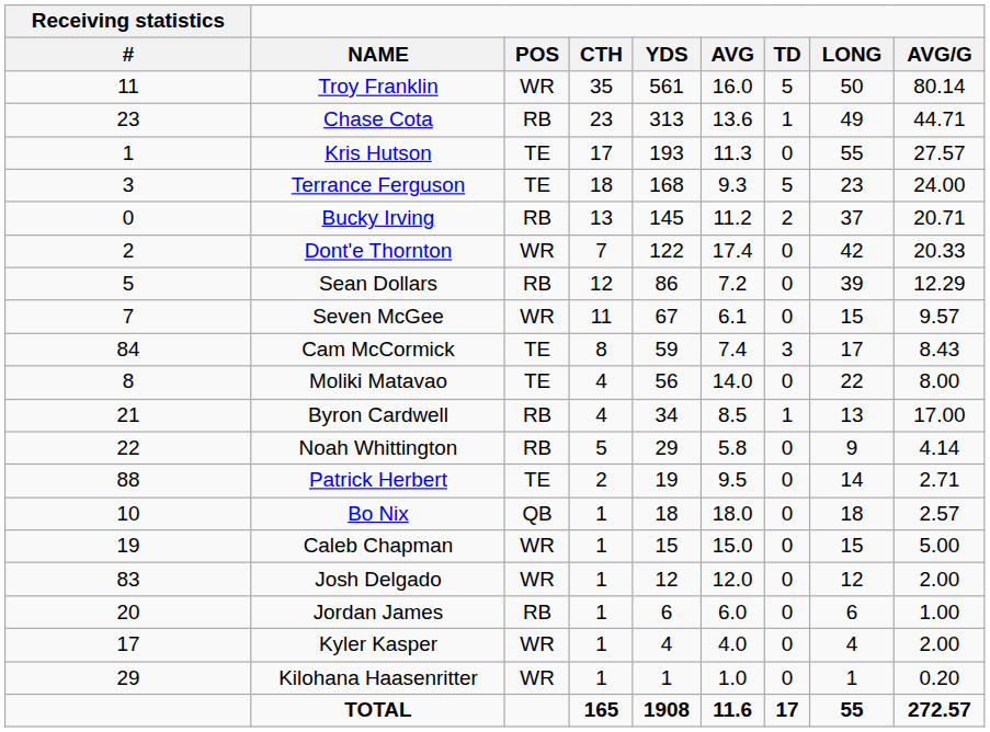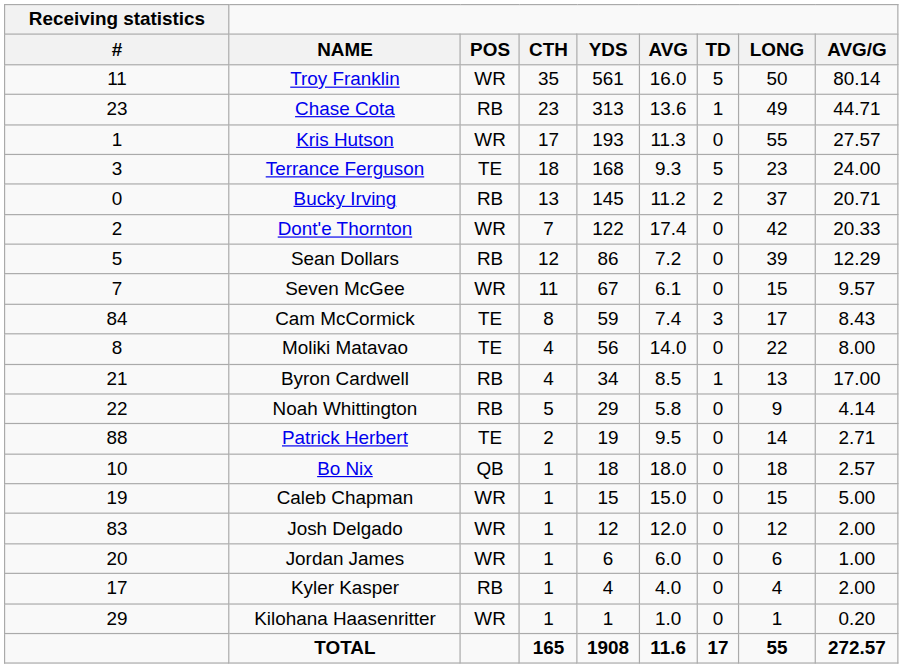 <table style="width:60%; text-align:center;" class="wikitable collapsible collapsed">
 <tr>
 <th style="text-align:center; ">Receiving statistics</th>
 </tr>
 <tr>
 <th>#</th>
 <th>NAME</th>
 <th>POS</th>
 <th>CTH</th>
 <th>YDS</th>
 <th>AVG</th>
 <th>TD</th>
 <th>LONG</th>
 <th>AVG/G</th>
 </tr>
 <tr>
 <td>11</td>
 <td><a href='#'>Troy Franklin</a></td>
 <td>WR</td>
 <td>35</td>
 <td>561</td>
 <td>16.0</td>
 <td>5</td>
 <td>50</td>
 <td>80.14</td>
 </tr>
 <tr>
 <td>23</td>
 <td><a href='#'>Chase Cota</a></td>
 <td>RB</td>
 <td>23</td>
 <td>313</td>
 <td>13.6</td>
 <td>1</td>
 <td>49</td>
 <td>44.71</td>
 </tr>
 <tr>
 <td>1</td>
 <td><a href='#'>Kris Hutson</a></td>
-<td>TE</td>
+<td>WR</td>
 <td>17</td>
 <td>193</td>
 <td>11.3</td>
 <td>0</td>
 <td>55</td>
 <td>27.57</td>
 </tr>
 <tr>
 <td>3</td>
 <td><a href='#'>Terrance Ferguson</a></td>
 <td>TE</td>
 <td>18</td>
 <td>168</td>
 <td>9.3</td>
 <td>5</td>
 <td>23</td>
 <td>24.00</td>
 </tr>
 <tr>
 <td>0</td>
 <td><a href='#'>Bucky Irving</a></td>
 <td>RB</td>
 <td>13</td>
 <td>145</td>
 <td>11.2</td>
 <td>2</td>
 <td>37</td>
 <td>20.71</td>
 </tr>
 <tr>
 <td>2</td>
 <td><a href='#'>Dont'e Thornton</a></td>
 <td>WR</td>
 <td>7</td>
 <td>122</td>
 <td>17.4</td>
 <td>0</td>
 <td>42</td>
 <td>20.33</td>
 </tr>
 <tr>
 <td>5</td>
 <td>Sean Dollars</td>
 <td>RB</td>
 <td>12</td>
 <td>86</td>
 <td>7.2</td>
 <td>0</td>
 <td>39</td>
 <td>12.29</td>
 </tr>
 <tr>
 <td>7</td>
 <td>Seven McGee</td>
 <td>WR</td>
 <td>11</td>
 <td>67</td>
 <td>6.1</td>
 <td>0</td>
 <td>15</td>
 <td>9.57</td>
 </tr>
 <tr>
 <td>84</td>
 <td>Cam McCormick</td>
 <td>TE</td>
 <td>8</td>
 <td>59</td>
 <td>7.4</td>
 <td>3</td>
 <td>17</td>
 <td>8.43</td>
 </tr>
 <tr>
 <td>8</td>
 <td>Moliki Matavao</td>
 <td>TE</td>
 <td>4</td>
 <td>56</td>
 <td>14.0</td>
 <td>0</td>
 <td>22</td>
 <td>8.00</td>
 </tr>
 <tr>
 <td>21</td>
 <td>Byron Cardwell</td>
 <td>RB</td>
 <td>4</td>
 <td>34</td>
 <td>8.5</td>
 <td>1</td>
 <td>13</td>
 <td>17.00</td>
 </tr>
 <tr>
 <td>22</td>
 <td>Noah Whittington</td>
 <td>RB</td>
 <td>5</td>
 <td>29</td>
 <td>5.8</td>
 <td>0</td>
 <td>9</td>
 <td>4.14</td>
 </tr>
 <tr>
 <td>88</td>
 <td><a href='#'>Patrick Herbert</a></td>
 <td>TE</td>
 <td>2</td>
 <td>19</td>
 <td>9.5</td>
 <td>0</td>
 <td>14</td>
 <td>2.71</td>
 </tr>
 <tr>
 <td>10</td>
 <td><a href='#'>Bo Nix</a></td>
 <td>QB</td>
 <td>1</td>
 <td>18</td>
 <td>18.0</td>
 <td>0</td>
 <td>18</td>
 <td>2.57</td>
 </tr>
 <tr>
 <td>19</td>
 <td>Caleb Chapman</td>
 <td>WR</td>
 <td>1</td>
 <td>15</td>
 <td>15.0</td>
 <td>0</td>
 <td>15</td>
 <td>5.00</td>
 </tr>
 <tr>
 <td>83</td>
 <td>Josh Delgado</td>
 <td>WR</td>
 <td>1</td>
 <td>12</td>
 <td>12.0</td>
 <td>0</td>
 <td>12</td>
 <td>2.00</td>
 </tr>
 <tr>
 <td>20</td>
 <td>Jordan James</td>
-<td>RB</td>
+<td>WR</td>
 <td>1</td>
 <td>6</td>
 <td>6.0</td>
 <td>0</td>
 <td>6</td>
 <td>1.00</td>
 </tr>
 <tr>
 <td>17</td>
 <td>Kyler Kasper</td>
-<td>WR</td>
+<td>RB</td>
 <td>1</td>
 <td>4</td>
 <td>4.0</td>
 <td>0</td>
 <td>4</td>
 <td>2.00</td>
 </tr>
 <tr>
 <td>29</td>
 <td>Kilohana Haasenritter</td>
 <td>WR</td>
 <td>1</td>
 <td>1</td>
 <td>1.0</td>
 <td>0</td>
 <td>1</td>
 <td>0.20</td>
 </tr>
 <tr>
 <td></td>
 <td><strong>TOTAL</strong></td>
 <td></td>
 <td><strong>165</strong></td>
 <td><strong>1908</strong></td>
 <td><strong>11.6</strong></td>
 <td><strong>17</strong></td>
 <td><strong>55</strong></td>
 <td><strong>272.57</strong></td>
 </tr>
 </table>
